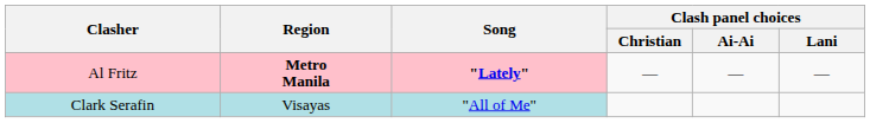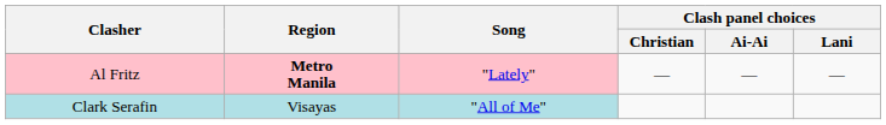 <table class="wikitable" style="text-align:center; line-height:17px; width:100%;">
 <tr>
 <th rowspan="2" width="25%">Clasher</th>
 <th rowspan="2">Region</th>
 <th rowspan="2" width="25%">Song</th>
 <th colspan="3" width="30%">Clash panel choices</th>
 </tr>
 <tr>
 <th width="10%">Christian</th>
 <th width="10%">Ai-Ai</th>
 <th width="10%">Lani</th>
 </tr>
 <tr>
 <td style="background:pink;">Al Fritz</td>
 <td style="background:pink;"><strong>Metro<br>Manila</strong></td>
-<td style="background:pink;"><strong>"<a href='#'>Lately</a>"</strong></td>
+<td style="background:pink;">"<a href='#'>Lately</a>"</td>
 <td>—</td>
 <td>—</td>
 <td>—</td>
 </tr>
 <tr>
 <td style="background:#b0e0e6;">Clark Serafin</td>
 <td style="background:#b0e0e6;">Visayas</td>
 <td style="background:#b0e0e6;">"<a href='#'>All of Me</a>"</td>
 <td><strong></strong></td>
 <td><strong></strong></td>
 <td><strong></strong></td>
 </tr>
 </table>
